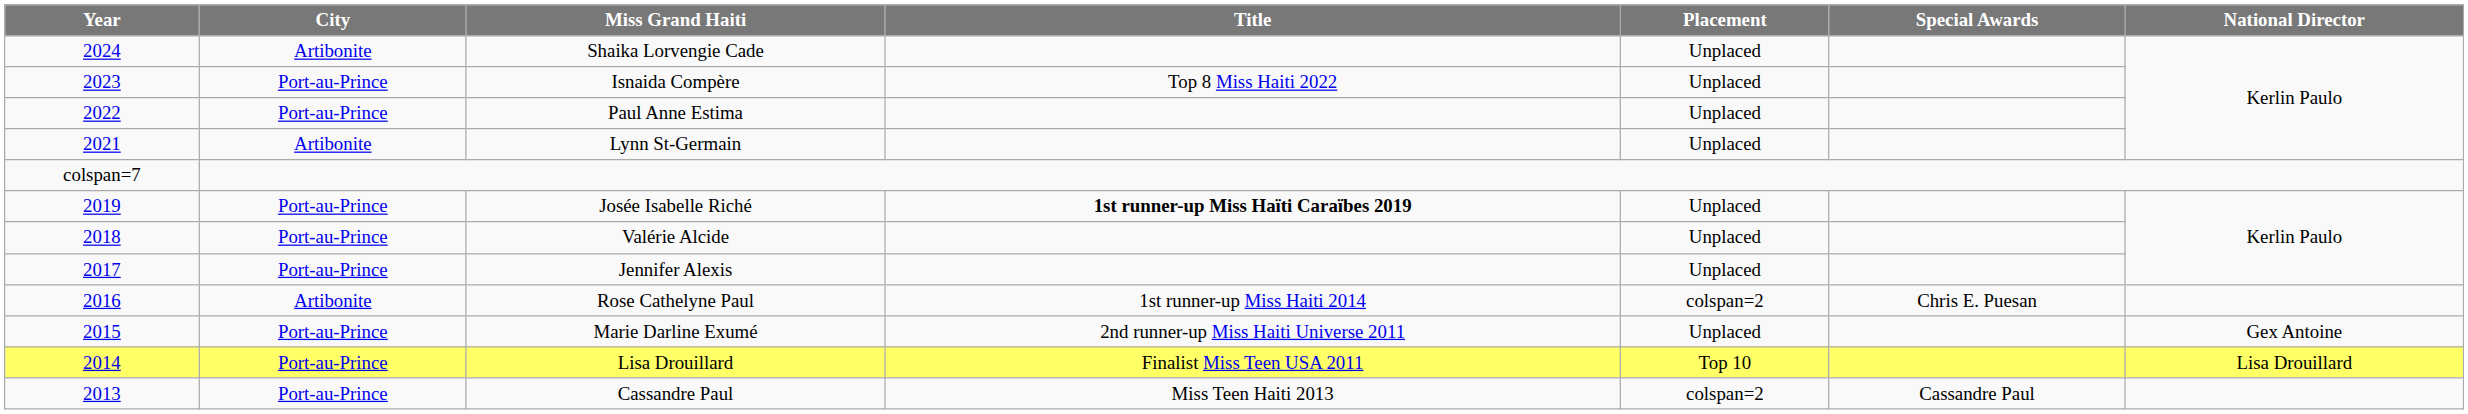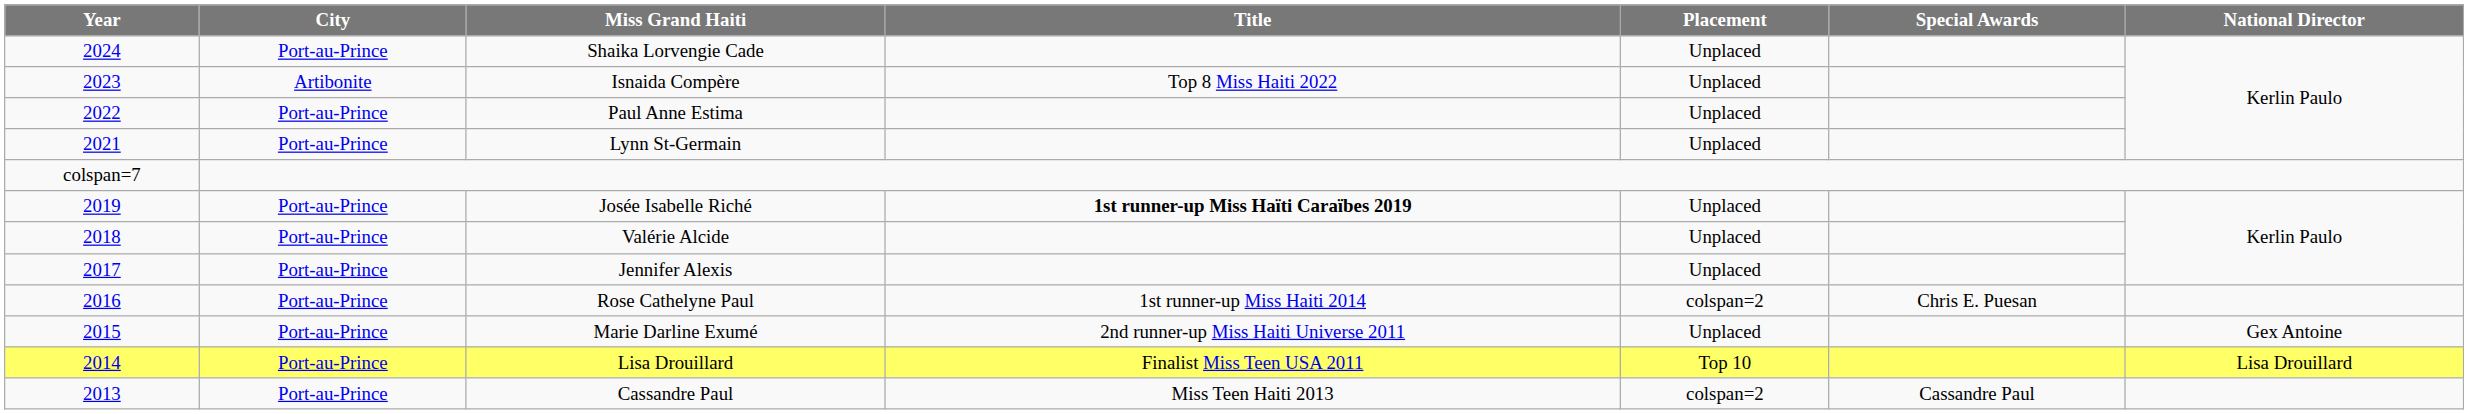 <table class="wikitable" style="font-size: 95%; text-align:center; width:100%">
 <tr>
 <th style="background-color:#787878;color:#FFFFFF;">Year</th>
 <th style="background-color:#787878;color:#FFFFFF;">City</th>
 <th style="background-color:#787878;color:#FFFFFF;">Miss Grand Haiti</th>
 <th style="background-color:#787878;color:#FFFFFF;">Title</th>
 <th style="background-color:#787878;color:#FFFFFF;">Placement</th>
 <th style="background-color:#787878;color:#FFFFFF;">Special Awards</th>
 <th style="background-color:#787878;color:#FFFFFF;">National Director</th>
 </tr>
 <tr>
 <td><a href='#'>2024</a></td>
-<td><a href='#'>Artibonite</a></td>
+<td><a href='#'>Port-au-Prince</a></td>
 <td>Shaika Lorvengie Cade</td>
 <td></td>
 <td>Unplaced</td>
 <td></td>
 <td rowspan=4>Kerlin Paulo</td>
 </tr>
 <tr>
 <td><a href='#'>2023</a></td>
-<td><a href='#'>Port-au-Prince</a></td>
+<td><a href='#'>Artibonite</a></td>
 <td>Isnaida Compère</td>
 <td>Top 8 <a href='#'>Miss Haiti 2022</a></td>
 <td>Unplaced</td>
 <td></td>
 </tr>
 <tr>
 <td><a href='#'>2022</a></td>
 <td><a href='#'>Port-au-Prince</a></td>
 <td>Paul Anne Estima</td>
 <td></td>
 <td>Unplaced</td>
 <td></td>
 </tr>
 <tr>
 <td><a href='#'>2021</a></td>
-<td><a href='#'>Artibonite</a></td>
+<td><a href='#'>Port-au-Prince</a></td>
 <td>Lynn St-Germain</td>
 <td></td>
 <td>Unplaced</td>
 <td></td>
 </tr>
 <tr>
 <td>colspan=7 </td>
 </tr>
 <tr>
 <td><a href='#'>2019</a></td>
 <td><a href='#'>Port-au-Prince</a></td>
 <td>Josée Isabelle Riché</td>
 <td><strong>1st runner-up Miss Haïti Caraïbes 2019</strong></td>
 <td>Unplaced</td>
 <td></td>
 <td rowspan=3>Kerlin Paulo</td>
 </tr>
 <tr>
 <td><a href='#'>2018</a></td>
 <td><a href='#'>Port-au-Prince</a></td>
 <td>Valérie Alcide</td>
 <td></td>
 <td>Unplaced</td>
 <td></td>
 </tr>
 <tr>
 <td><a href='#'>2017</a></td>
 <td><a href='#'>Port-au-Prince</a></td>
 <td>Jennifer Alexis</td>
 <td></td>
 <td>Unplaced</td>
 <td></td>
 </tr>
 <tr>
 <td><a href='#'>2016</a></td>
-<td><a href='#'>Artibonite</a></td>
+<td><a href='#'>Port-au-Prince</a></td>
 <td>Rose Cathelyne Paul</td>
 <td>1st runner-up <a href='#'>Miss Haiti 2014</a></td>
 <td>colspan=2 </td>
 <td>Chris E. Puesan</td>
 </tr>
 <tr>
 <td><a href='#'>2015</a></td>
 <td><a href='#'>Port-au-Prince</a></td>
 <td>Marie Darline Exumé</td>
 <td>2nd runner-up <a href='#'>Miss Haiti Universe 2011</a></td>
 <td>Unplaced</td>
 <td></td>
 <td>Gex Antoine</td>
 </tr>
 <tr bgcolor=#FFFF66>
 <td><a href='#'>2014</a></td>
 <td><a href='#'>Port-au-Prince</a></td>
 <td>Lisa Drouillard</td>
 <td>Finalist <a href='#'>Miss Teen USA 2011</a></td>
 <td>Top 10</td>
 <td></td>
 <td>Lisa Drouillard</td>
 </tr>
 <tr>
 <td><a href='#'>2013</a></td>
 <td><a href='#'>Port-au-Prince</a></td>
 <td>Cassandre Paul</td>
 <td>Miss Teen Haiti 2013</td>
 <td>colspan=2 </td>
 <td>Cassandre Paul</td>
 </tr>
 </table>
